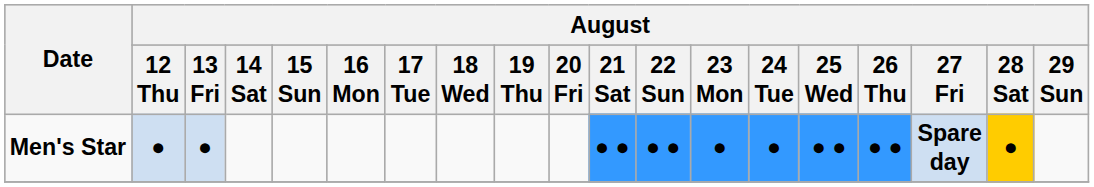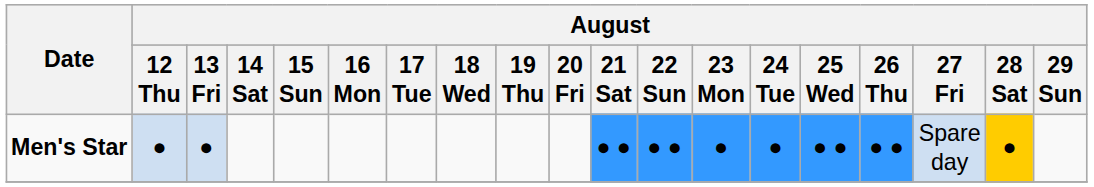 <table class="wikitable" style="margin:0.5em auto; font-size:90%; line-height:1.25em;">
 <tr>
 <th rowspan=2>Date</th>
 <th colspan=18>August</th>
 </tr>
 <tr>
 <th>12<br>Thu</th>
 <th>13<br>Fri</th>
 <th>14<br>Sat</th>
 <th>15<br>Sun</th>
 <th>16<br>Mon</th>
 <th>17<br>Tue</th>
 <th>18<br>Wed</th>
 <th>19<br>Thu</th>
 <th>20<br>Fri</th>
 <th>21<br>Sat</th>
 <th>22<br>Sun</th>
 <th>23<br>Mon</th>
 <th>24<br>Tue</th>
 <th>25<br>Wed</th>
 <th>26<br>Thu</th>
 <th>27<br>Fri</th>
 <th>28<br>Sat</th>
 <th>29<br>Sun</th>
 </tr>
 <tr align="center">
 <td align="center"><strong>Men's Star</strong></td>
 <td bgcolor=#cedff2><span> ● </span></td>
 <td bgcolor=#cedff2><span> ● </span></td>
 <td></td>
 <td></td>
 <td></td>
 <td></td>
 <td></td>
 <td></td>
 <td></td>
 <td bgcolor=#3399ff><span> ● ● </span></td>
 <td bgcolor=#3399ff><span> ● ● </span></td>
 <td bgcolor=#3399ff><span> ● </span></td>
 <td bgcolor=#3399ff><span> ● </span></td>
 <td bgcolor=#3399ff><span> ● ● </span></td>
 <td bgcolor=#3399ff><span> ● ● </span></td>
-<td bgcolor=#cedff2><strong>Spare<br>day</strong></td>
+<td bgcolor=#cedff2>Spare<br>day</td>
 <td bgcolor=#ffcc00><span> ● </span></td>
 <td></td>
 </tr>
 <tr align="center">
 </tr>
 </table>
